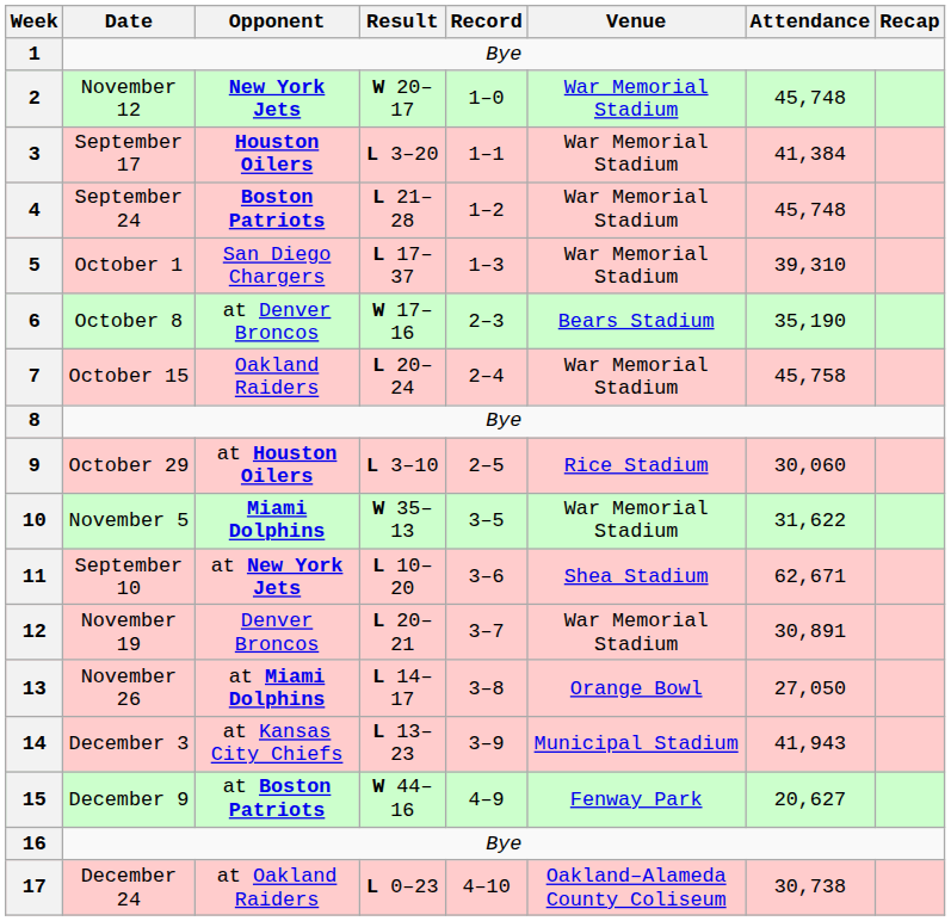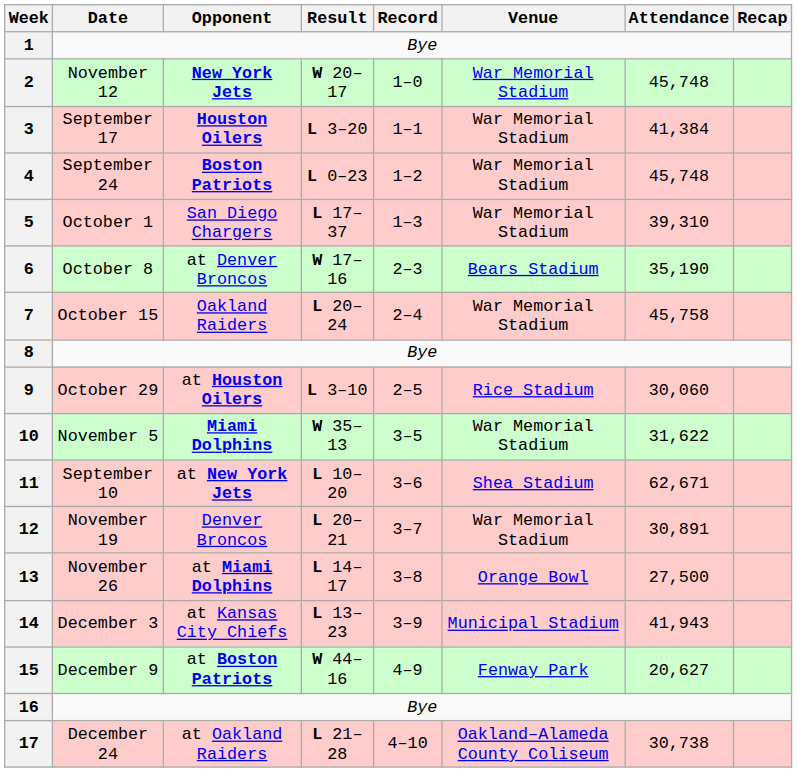 <table class="wikitable" style="text-align:center">
 <tr>
 <th>Week</th>
 <th>Date</th>
 <th>Opponent</th>
 <th>Result</th>
 <th>Record</th>
 <th>Venue</th>
 <th>Attendance</th>
 <th>Recap</th>
 </tr>
 <tr>
 <th>1</th>
 <td colspan="7" align="center"><em>Bye</em></td>
 </tr>
 <tr style="background: #cfc;">
 <th>2</th>
 <td>November 12</td>
 <td><strong><a href='#'>New York Jets</a></strong></td>
 <td><strong>W</strong> 20–17</td>
 <td>1–0</td>
 <td><a href='#'>War Memorial Stadium</a></td>
 <td>45,748</td>
 <td></td>
 </tr>
 <tr style="background: #fcc;">
 <th>3</th>
 <td>September 17</td>
 <td><strong><a href='#'>Houston Oilers</a></strong></td>
 <td><strong>L</strong> 3–20</td>
 <td>1–1</td>
 <td>War Memorial Stadium</td>
 <td>41,384</td>
 <td></td>
 </tr>
 <tr style="background: #fcc;">
 <th>4</th>
 <td>September 24</td>
 <td><strong><a href='#'>Boston Patriots</a></strong></td>
-<td><strong>L</strong> 21–28</td>
+<td><strong>L</strong> 0–23</td>
 <td>1–2</td>
 <td>War Memorial Stadium</td>
 <td>45,748</td>
 <td></td>
 </tr>
 <tr style="background: #fcc;">
 <th>5</th>
 <td>October 1</td>
 <td><a href='#'>San Diego Chargers</a></td>
 <td><strong>L</strong> 17–37</td>
 <td>1–3</td>
 <td>War Memorial Stadium</td>
 <td>39,310</td>
 <td></td>
 </tr>
 <tr style="background: #cfc;">
 <th>6</th>
 <td>October 8</td>
 <td>at <a href='#'>Denver Broncos</a></td>
 <td><strong>W</strong> 17–16</td>
 <td>2–3</td>
 <td><a href='#'>Bears Stadium</a></td>
 <td>35,190</td>
 <td></td>
 </tr>
 <tr style="background: #fcc;">
 <th>7</th>
 <td>October 15</td>
 <td><a href='#'>Oakland Raiders</a></td>
 <td><strong>L</strong> 20–24</td>
 <td>2–4</td>
 <td>War Memorial Stadium</td>
 <td>45,758</td>
 <td></td>
 </tr>
 <tr>
 <th>8</th>
 <td colspan="7" align="center"><em>Bye</em></td>
 </tr>
 <tr style="background: #fcc;">
 <th>9</th>
 <td>October 29</td>
 <td>at <strong><a href='#'>Houston Oilers</a></strong></td>
 <td><strong>L</strong> 3–10</td>
 <td>2–5</td>
 <td><a href='#'>Rice Stadium</a></td>
 <td>30,060</td>
 <td></td>
 </tr>
 <tr style="background: #cfc;">
 <th>10</th>
 <td>November 5</td>
 <td><strong><a href='#'>Miami Dolphins</a></strong></td>
 <td><strong>W</strong> 35–13</td>
 <td>3–5</td>
 <td>War Memorial Stadium</td>
 <td>31,622</td>
 <td></td>
 </tr>
 <tr style="background: #fcc;">
 <th>11</th>
 <td>September 10</td>
 <td>at <strong><a href='#'>New York Jets</a></strong></td>
 <td><strong>L</strong> 10–20</td>
 <td>3–6</td>
 <td><a href='#'>Shea Stadium</a></td>
 <td>62,671</td>
 <td></td>
 </tr>
 <tr style="background: #fcc;">
 <th>12</th>
 <td>November 19</td>
 <td><a href='#'>Denver Broncos</a></td>
 <td><strong>L</strong> 20–21</td>
 <td>3–7</td>
 <td>War Memorial Stadium</td>
 <td>30,891</td>
 <td></td>
 </tr>
 <tr style="background: #fcc;">
 <th>13</th>
 <td>November 26</td>
 <td>at <strong><a href='#'>Miami Dolphins</a></strong></td>
 <td><strong>L</strong> 14–17</td>
 <td>3–8</td>
 <td><a href='#'>Orange Bowl</a></td>
-<td>27,050</td>
+<td>27,500</td>
 <td></td>
 </tr>
 <tr style="background: #fcc;">
 <th>14</th>
 <td>December 3</td>
 <td>at <a href='#'>Kansas City Chiefs</a></td>
 <td><strong>L</strong> 13–23</td>
 <td>3–9</td>
 <td><a href='#'>Municipal Stadium</a></td>
 <td>41,943</td>
 <td></td>
 </tr>
 <tr style="background: #cfc;">
 <th>15</th>
 <td>December 9</td>
 <td>at <strong><a href='#'>Boston Patriots</a></strong></td>
 <td><strong>W</strong> 44–16</td>
 <td>4–9</td>
 <td><a href='#'>Fenway Park</a></td>
 <td>20,627</td>
 <td></td>
 </tr>
 <tr>
 <th>16</th>
 <td colspan="7" align="center"><em>Bye</em></td>
 </tr>
 <tr style="background: #fcc;">
 <th>17</th>
 <td>December 24</td>
 <td>at <a href='#'>Oakland Raiders</a></td>
-<td><strong>L</strong> 0–23</td>
+<td><strong>L</strong> 21–28</td>
 <td>4–10</td>
 <td><a href='#'>Oakland–Alameda County Coliseum</a></td>
 <td>30,738</td>
 <td></td>
 </tr>
 </table>
